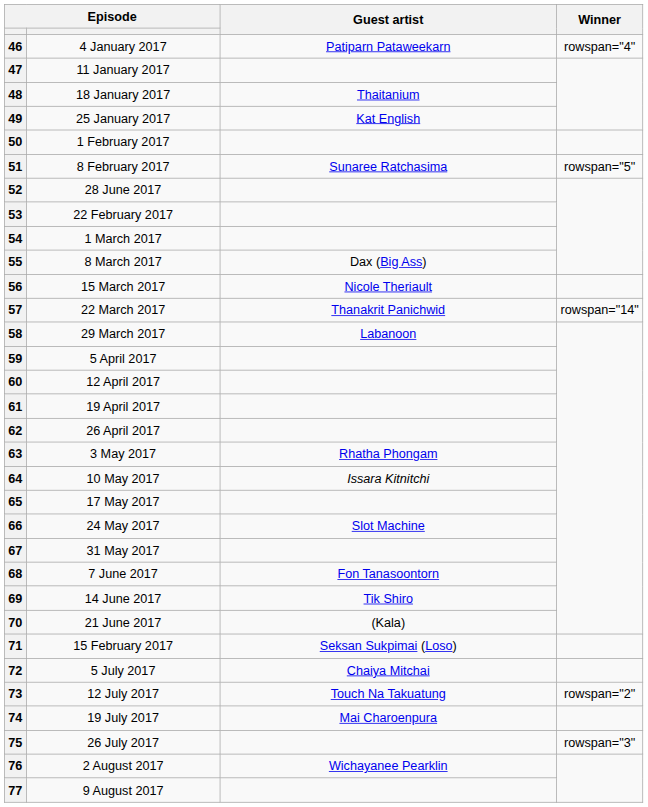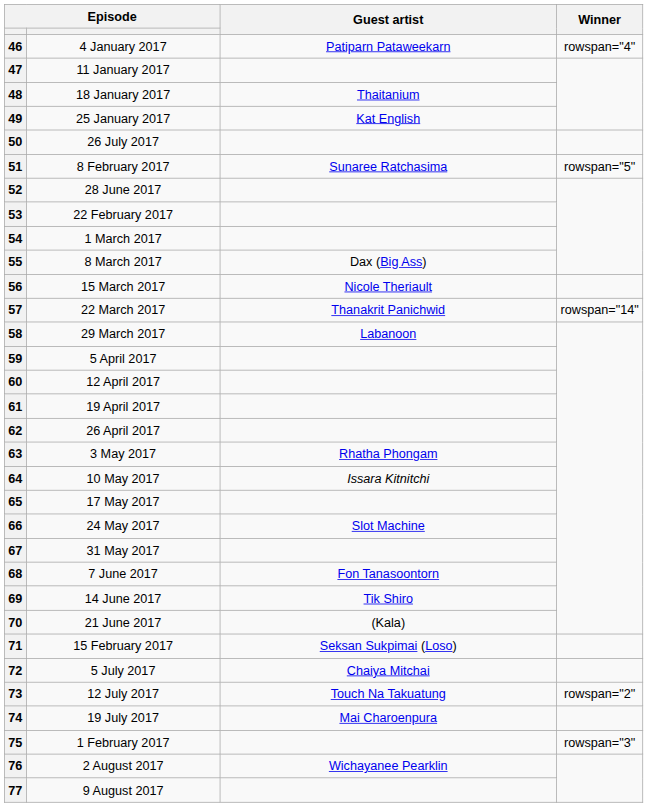 <table class="wikitable plainrowheaders mw-collapsible" style="text-align:center; line-height:23px; width:64%;">
 <tr>
 <th colspan="2" width="24%">Episode</th>
 <th rowspan="2" width="40%">Guest artist</th>
 <th rowspan="2" width="1%">Winner</th>
 </tr>
 <tr>
 <th width="01%"></th>
 <th></th>
 </tr>
 <tr>
 <th>46</th>
 <td>4 January 2017</td>
 <td><a href='#'>Patiparn Pataweekarn</a></td>
 <td>rowspan="4" </td>
 </tr>
 <tr>
 <th>47</th>
 <td>11 January 2017</td>
 <td></td>
 </tr>
 <tr>
 <th>48</th>
 <td>18 January 2017</td>
 <td><a href='#'>Thaitanium</a></td>
 </tr>
 <tr>
 <th>49</th>
 <td>25 January 2017</td>
 <td><a href='#'>Kat English</a></td>
 </tr>
 <tr>
 <th>50</th>
-<td>1 February 2017</td>
+<td>26 July 2017</td>
 <td></td>
 <td></td>
 </tr>
 <tr>
 <th>51</th>
 <td>8 February 2017</td>
 <td><a href='#'>Sunaree Ratchasima</a></td>
 <td>rowspan="5" </td>
 </tr>
 <tr>
 <th>52</th>
 <td>28 June 2017</td>
 <td></td>
 </tr>
 <tr>
 <th>53</th>
 <td>22 February 2017</td>
 <td></td>
 </tr>
 <tr>
 <th>54</th>
 <td>1 March 2017</td>
 <td></td>
 </tr>
 <tr>
 <th>55</th>
 <td>8 March 2017</td>
 <td>Dax (<a href='#'>Big Ass</a>)</td>
 </tr>
 <tr>
 <th>56</th>
 <td>15 March 2017</td>
 <td><a href='#'>Nicole Theriault</a></td>
 <td></td>
 </tr>
 <tr>
 <th>57</th>
 <td>22 March 2017</td>
 <td><a href='#'>Thanakrit Panichwid</a></td>
 <td>rowspan="14" </td>
 </tr>
 <tr>
 <th>58</th>
 <td>29 March 2017</td>
 <td><a href='#'>Labanoon</a></td>
 </tr>
 <tr>
 <th>59</th>
 <td>5 April 2017</td>
 <td></td>
 </tr>
 <tr>
 <th>60</th>
 <td>12 April 2017</td>
 <td></td>
 </tr>
 <tr>
 <th>61</th>
 <td>19 April 2017</td>
 <td></td>
 </tr>
 <tr>
 <th>62</th>
 <td>26 April 2017</td>
 <td></td>
 </tr>
 <tr>
 <th>63</th>
 <td>3 May 2017</td>
 <td><a href='#'>Rhatha Phongam</a></td>
 </tr>
 <tr>
 <th>64</th>
 <td>10 May 2017</td>
 <td><em>Issara Kitnitchi</em></td>
 </tr>
 <tr>
 <th>65</th>
 <td>17 May 2017</td>
 <td></td>
 </tr>
 <tr>
 <th>66</th>
 <td>24 May 2017</td>
 <td><a href='#'>Slot Machine</a></td>
 </tr>
 <tr>
 <th>67</th>
 <td>31 May 2017</td>
 <td></td>
 </tr>
 <tr>
 <th>68</th>
 <td>7 June 2017</td>
 <td><a href='#'>Fon Tanasoontorn</a></td>
 </tr>
 <tr>
 <th>69</th>
 <td>14 June 2017</td>
 <td><a href='#'>Tik Shiro</a></td>
 </tr>
 <tr>
 <th>70</th>
 <td>21 June 2017</td>
 <td> (Kala)</td>
 </tr>
 <tr>
 <th>71</th>
 <td>15 February 2017</td>
 <td><a href='#'>Seksan Sukpimai</a> (<a href='#'>Loso</a>)</td>
 <td></td>
 </tr>
 <tr>
 <th>72</th>
 <td>5 July 2017</td>
 <td><a href='#'>Chaiya Mitchai</a></td>
 <td></td>
 </tr>
 <tr>
 <th>73</th>
 <td>12 July 2017</td>
 <td><a href='#'>Touch Na Takuatung</a></td>
 <td>rowspan="2" </td>
 </tr>
 <tr>
 <th>74</th>
 <td>19 July 2017</td>
 <td><a href='#'>Mai Charoenpura</a></td>
 </tr>
 <tr>
 <th>75</th>
-<td>26 July 2017</td>
+<td>1 February 2017</td>
 <td></td>
 <td>rowspan="3" </td>
 </tr>
 <tr>
 <th>76</th>
 <td>2 August 2017</td>
 <td><a href='#'>Wichayanee Pearklin</a></td>
 </tr>
 <tr>
 <th>77</th>
 <td>9 August 2017</td>
 <td></td>
 </tr>
 </table>
